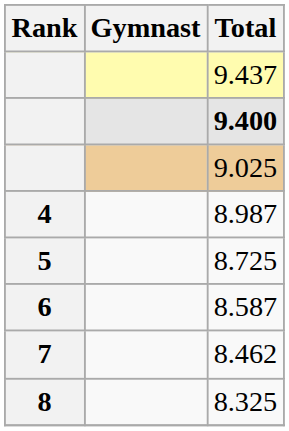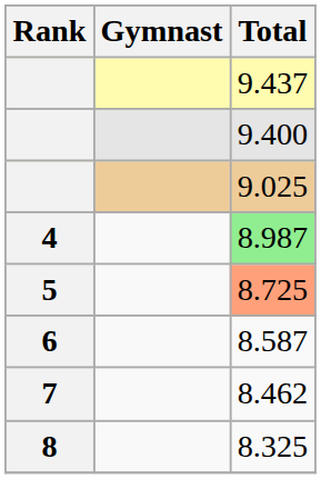 <table class="wikitable sortable" style="text-align:center; font-size:95%">
 <tr>
 <th scope=col>Rank</th>
 <th scope=col>Gymnast</th>
 <th scope=col>Total</th>
 </tr>
 <tr bgcolor=fffcaf>
 <th scope=row style="text-align:center"></th>
 <td align=left></td>
 <td>9.437</td>
 </tr>
 <tr bgcolor=e5e5e5>
 <th scope=row style="text-align:center"></th>
 <td align=left></td>
-<td><strong>9.400</strong></td>
+<td>9.400</td>
 </tr>
 <tr bgcolor=eecc99>
 <th scope=row style="text-align:center"></th>
 <td align=left></td>
 <td>9.025</td>
 </tr>
 <tr>
 <th scope=row style="text-align:center">4</th>
 <td align=left></td>
-<td>8.987</td>
+<td style="background: lightgreen;">8.987</td>
 </tr>
 <tr>
 <th scope=row style="text-align:center">5</th>
 <td align=left></td>
-<td>8.725</td>
+<td style="background: lightsalmon;">8.725</td>
 </tr>
 <tr>
 <th scope=row style="text-align:center">6</th>
 <td align=left></td>
 <td>8.587</td>
 </tr>
 <tr>
 <th scope=row style="text-align:center">7</th>
 <td align=left></td>
 <td>8.462</td>
 </tr>
 <tr>
 <th scope=row style="text-align:center">8</th>
 <td align=left></td>
 <td>8.325</td>
 </tr>
 <tr>
 </tr>
 </table>
